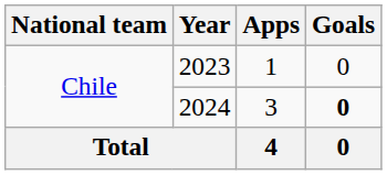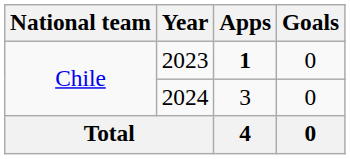 <table class=wikitable style=text-align:center>
 <tr>
 <th>National team</th>
 <th>Year</th>
 <th>Apps</th>
 <th>Goals</th>
 </tr>
 <tr>
 <td rowspan="2"><a href='#'>Chile</a></td>
 <td>2023</td>
-<td>1</td>
+<td><strong>1</strong></td>
 <td>0</td>
 </tr>
 <tr>
 <td>2024</td>
 <td>3</td>
-<td><strong>0</strong></td>
+<td>0</td>
 </tr>
 <tr>
 <th colspan=2>Total</th>
 <th>4</th>
 <th>0</th>
 </tr>
 </table>
